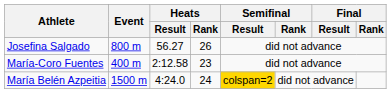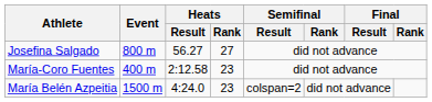 <table class="wikitable" style="font-size:90%">
 <tr>
 <th rowspan="2">Athlete</th>
 <th rowspan="2">Event</th>
 <th colspan="2">Heats</th>
 <th colspan="2">Semifinal</th>
 <th colspan="2">Final</th>
 </tr>
 <tr style="font-size:95%">
 <th>Result</th>
 <th>Rank</th>
 <th>Result</th>
 <th>Rank</th>
 <th>Result</th>
 <th>Rank</th>
 </tr>
 <tr align=center>
 <td align=left><a href='#'>Josefina Salgado</a></td>
 <td align=left><a href='#'>800 m</a></td>
 <td>56.27</td>
-<td>26</td>
+<td>27</td>
 <td colspan=4>did not advance</td>
 </tr>
 <tr align=center>
 <td align=left><a href='#'>María-Coro Fuentes</a></td>
 <td align=left><a href='#'>400 m</a></td>
 <td>2:12.58</td>
 <td>23</td>
 <td colspan=4>did not advance</td>
 </tr>
 <tr align=center>
 <td align=left><a href='#'>María Belén Azpeitia</a></td>
 <td align=left><a href='#'>1500 m</a></td>
 <td>4:24.0 <strong></strong></td>
-<td>24</td>
-<td style="background: gold;">colspan=2 </td>
+<td>23</td>
+<td>colspan=2 </td>
 <td colspan=2>did not advance</td>
 </tr>
 </table>
